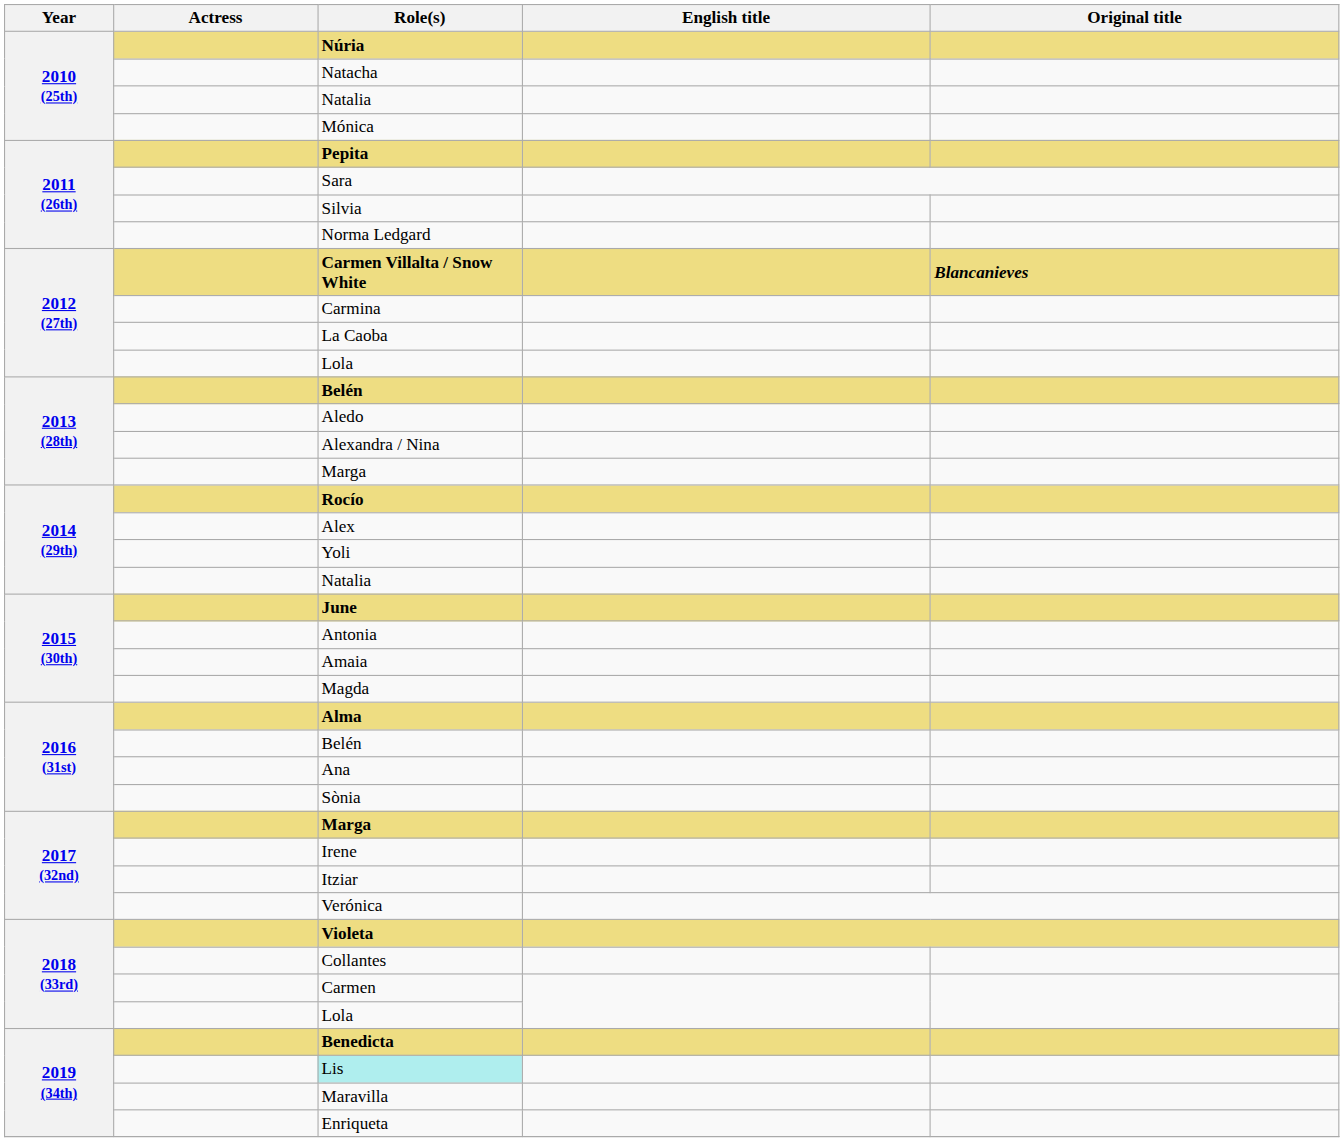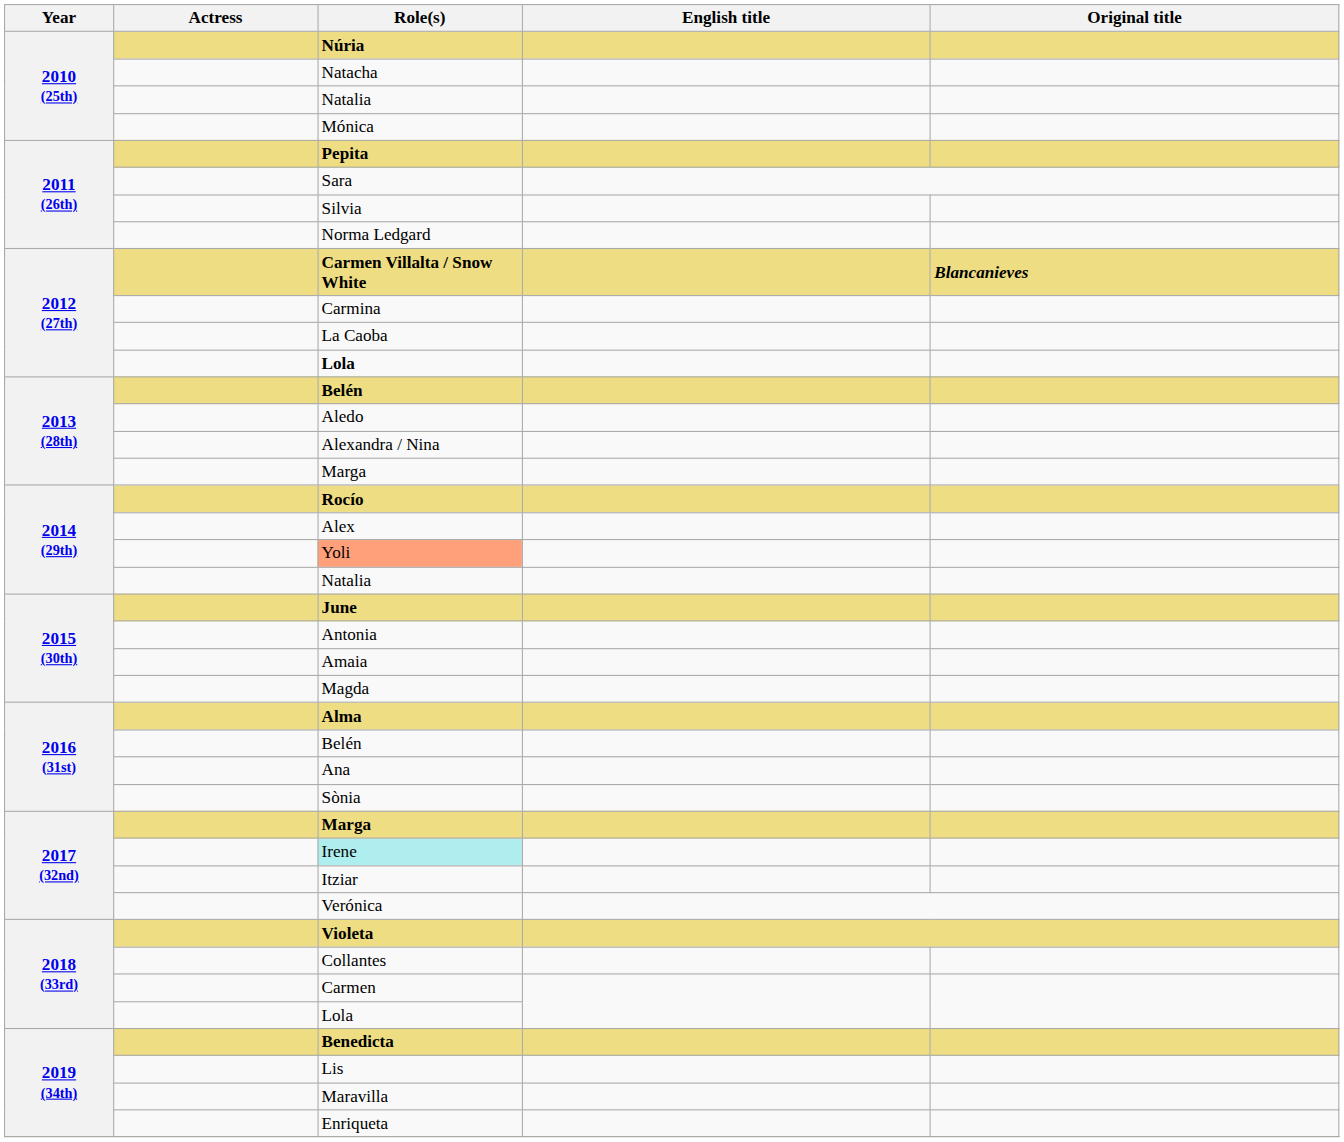 <table class="wikitable sortable" style="text-align:left;">
 <tr>
 <th scope="col" style="width:8%;">Year</th>
 <th scope="col" style="width:15%;">Actress</th>
 <th scope="col" style="width:15%;">Role(s)</th>
 <th scope="col" style="width:30%;">English title</th>
 <th scope="col" style="width:30%;">Original title</th>
 </tr>
 <tr>
 <th scope="row" rowspan=4 style="text-align:center"><a href='#'>2010</a> <br><small><a href='#'>(25th)</a></small></th>
 <td style="background:#eedd82;"><strong> </strong></td>
 <td style="background:#eedd82;"><strong>Núria</strong></td>
 <td style="background:#eedd82;"><strong><em></em></strong></td>
 <td style="background:#eedd82;"><strong><em></em></strong></td>
 </tr>
 <tr>
 <td></td>
 <td>Natacha</td>
 <td><em></em></td>
 <td><em></em></td>
 </tr>
 <tr>
 <td></td>
 <td>Natalia</td>
 <td><em></em></td>
 <td><em></em></td>
 </tr>
 <tr>
 <td></td>
 <td>Mónica</td>
 <td><em></em></td>
 <td><em></em></td>
 </tr>
 <tr>
 <th scope="row" rowspan=4 style="text-align:center"><a href='#'>2011</a> <br><small><a href='#'>(26th)</a></small></th>
 <td style="background:#eedd82;"><strong> </strong></td>
 <td style="background:#eedd82;"><strong>Pepita</strong></td>
 <td style="background:#eedd82;"><strong><em></em></strong></td>
 <td style="background:#eedd82;"><strong><em></em></strong></td>
 </tr>
 <tr>
 <td></td>
 <td>Sara</td>
 <td colspan="2"><em></em></td>
 </tr>
 <tr>
 <td></td>
 <td>Silvia</td>
 <td><em></em></td>
 <td><em></em></td>
 </tr>
 <tr>
 <td></td>
 <td>Norma Ledgard</td>
 <td><em></em></td>
 <td><em></em></td>
 </tr>
 <tr>
 <th scope="row" rowspan=4 style="text-align:center"><a href='#'>2012</a> <br><small><a href='#'>(27th)</a></small></th>
 <td style="background:#eedd82;"><strong> </strong></td>
 <td style="background:#eedd82;"><strong>Carmen Villalta / Snow White</strong></td>
 <td style="background:#eedd82;"><strong><em></em></strong></td>
 <td style="background:#eedd82;"><strong><em>Blancanieves</em></strong></td>
 </tr>
 <tr>
 <td></td>
 <td>Carmina</td>
 <td><em></em></td>
 <td><em></em></td>
 </tr>
 <tr>
 <td></td>
 <td>La Caoba</td>
 <td><em></em></td>
 <td><em></em></td>
 </tr>
 <tr>
 <td></td>
-<td>Lola</td>
+<td><strong>Lola</strong></td>
 <td><em></em></td>
 <td><em></em></td>
 </tr>
 <tr>
 <th scope="row" rowspan=4 style="text-align:center"><a href='#'>2013</a> <br><small><a href='#'>(28th)</a></small></th>
 <td style="background:#eedd82;"><strong> </strong></td>
 <td style="background:#eedd82;"><strong>Belén</strong></td>
 <td style="background:#eedd82;"><strong><em></em></strong></td>
 <td style="background:#eedd82;"><strong><em></em></strong></td>
 </tr>
 <tr>
 <td></td>
 <td>Aledo</td>
 <td><em></em></td>
 <td><em></em></td>
 </tr>
 <tr>
 <td></td>
 <td>Alexandra / Nina</td>
 <td><em></em></td>
 <td><em></em></td>
 </tr>
 <tr>
 <td></td>
 <td>Marga</td>
 <td><em></em></td>
 <td><em></em></td>
 </tr>
 <tr>
 <th scope="row" rowspan=4 style="text-align:center"><a href='#'>2014</a> <br><small><a href='#'>(29th)</a></small></th>
 <td style="background:#eedd82;"><strong> </strong></td>
 <td style="background:#eedd82;"><strong>Rocío</strong></td>
 <td style="background:#eedd82;"><strong><em></em></strong></td>
 <td style="background:#eedd82;"><strong><em></em></strong></td>
 </tr>
 <tr>
 <td></td>
 <td>Alex</td>
 <td><em></em></td>
 <td><em></em></td>
 </tr>
 <tr>
 <td></td>
-<td>Yoli</td>
+<td style="background: lightsalmon;">Yoli</td>
 <td><em></em></td>
 <td><em></em></td>
 </tr>
 <tr>
 <td></td>
 <td>Natalia</td>
 <td><em></em></td>
 <td><em></em></td>
 </tr>
 <tr>
 <th scope="row" rowspan=4 style="text-align:center"><a href='#'>2015</a> <br><small><a href='#'>(30th)</a></small></th>
 <td style="background:#eedd82;"><strong> </strong></td>
 <td style="background:#eedd82;"><strong>June</strong></td>
 <td style="background:#eedd82;"><strong><em></em></strong></td>
 <td style="background:#eedd82;"><strong><em></em></strong></td>
 </tr>
 <tr>
 <td></td>
 <td>Antonia</td>
 <td><em></em></td>
 <td><em></em></td>
 </tr>
 <tr>
 <td></td>
 <td>Amaia</td>
 <td><em></em></td>
 <td><em></em></td>
 </tr>
 <tr>
 <td></td>
 <td>Magda</td>
 <td><em></em></td>
 <td><em></em></td>
 </tr>
 <tr>
 <th scope="row" rowspan=4 style="text-align:center"><a href='#'>2016</a> <br><small><a href='#'>(31st)</a></small></th>
 <td style="background:#eedd82;"><strong> </strong></td>
 <td style="background:#eedd82;"><strong>Alma</strong></td>
 <td style="background:#eedd82;"><strong><em></em></strong></td>
 <td style="background:#eedd82;"><strong><em></em></strong></td>
 </tr>
 <tr>
 <td></td>
 <td>Belén</td>
 <td><em></em></td>
 <td><em></em></td>
 </tr>
 <tr>
 <td></td>
 <td>Ana</td>
 <td><em></em></td>
 <td><em></em></td>
 </tr>
 <tr>
 <td></td>
 <td>Sònia</td>
 <td><em></em></td>
 <td><em></em></td>
 </tr>
 <tr>
 <th scope="row" rowspan=4 style="text-align:center"><a href='#'>2017</a> <br><small><a href='#'>(32nd)</a></small><br></th>
 <td style="background:#eedd82;"><strong> </strong></td>
 <td style="background:#eedd82;"><strong>Marga</strong></td>
 <td style="background:#eedd82;"><strong><em></em></strong></td>
 <td style="background:#eedd82;"><strong><em></em></strong></td>
 </tr>
 <tr>
 <td></td>
-<td>Irene</td>
+<td style="background: paleturquoise;">Irene</td>
 <td><em></em></td>
 <td><em></em></td>
 </tr>
 <tr>
 <td></td>
 <td>Itziar</td>
 <td><em></em></td>
 <td><em></em></td>
 </tr>
 <tr>
 <td></td>
 <td>Verónica</td>
 <td colspan="2"><em></em></td>
 </tr>
 <tr>
 <th scope="row" rowspan=4 style="text-align:center"><a href='#'>2018</a> <br><small><a href='#'>(33rd)</a></small></th>
 <td style="background:#eedd82;"><strong> </strong></td>
 <td style="background:#eedd82;"><strong>Violeta</strong></td>
 <td colspan="2" style="background:#eedd82;"><strong><em></em></strong></td>
 </tr>
 <tr>
 <td></td>
 <td>Collantes</td>
 <td><em></em></td>
 <td><em></em></td>
 </tr>
 <tr>
 <td></td>
 <td>Carmen</td>
 <td rowspan="2"><em></em></td>
 <td rowspan="2"><em></em></td>
 </tr>
 <tr>
 <td></td>
 <td>Lola</td>
 </tr>
 <tr>
 <th scope="row" rowspan=4 style="text-align:center"><a href='#'>2019</a> <br><small><a href='#'>(34th)</a></small></th>
 <td style="background:#eedd82;"><strong> </strong></td>
 <td style="background:#eedd82;"><strong>Benedicta</strong></td>
 <td style="background:#eedd82;"><strong><em></em></strong></td>
 <td style="background:#eedd82;"><strong><em></em></strong></td>
 </tr>
 <tr>
 <td></td>
-<td style="background: paleturquoise;">Lis</td>
+<td>Lis</td>
 <td><em></em></td>
 <td><em></em></td>
 </tr>
 <tr>
 <td></td>
 <td>Maravilla</td>
 <td><em></em></td>
 <td><em></em></td>
 </tr>
 <tr>
 <td></td>
 <td>Enriqueta</td>
 <td><em></em></td>
 <td><em></em></td>
 </tr>
 <tr>
 </tr>
 </table>
